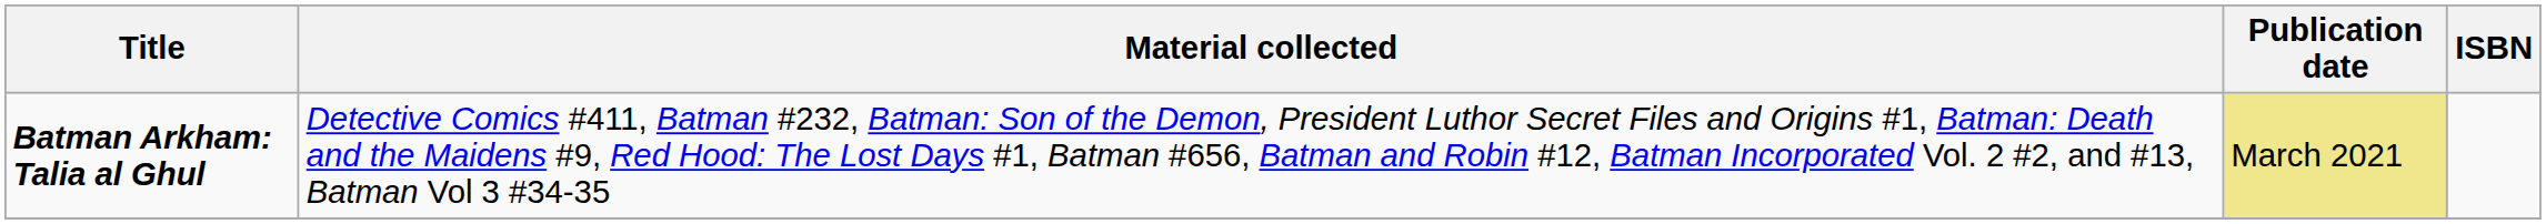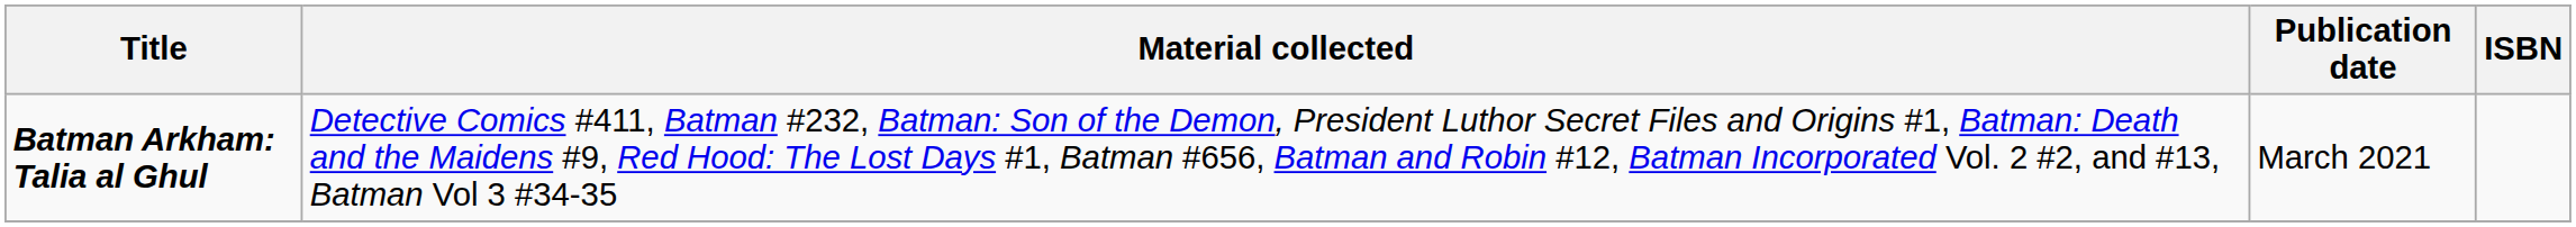 <table class="wikitable">
 <tr>
 <th>Title</th>
 <th>Material collected</th>
 <th>Publication date</th>
 <th>ISBN</th>
 </tr>
 <tr>
 <td><strong><em>Batman Arkham: Talia al Ghul</em></strong></td>
 <td><em><a href='#'>Detective Comics</a></em> #411, <em><a href='#'>Batman</a></em> #232, <em><a href='#'>Batman: Son of the Demon</a>, President Luthor Secret Files and Origins</em> #1, <em><a href='#'>Batman: Death and the Maidens</a></em> #9, <em><a href='#'>Red Hood: The Lost Days</a></em> #1, <em>Batman</em> #656, <em><a href='#'>Batman and Robin</a></em> #12, <em><a href='#'>Batman Incorporated</a></em> Vol. 2 #2, and #13, <em>Batman</em> Vol 3 #34-35</td>
-<td style="background: khaki;">March 2021</td>
+<td>March 2021</td>
 <td></td>
 </tr>
 <tr>
 </tr>
 </table>
